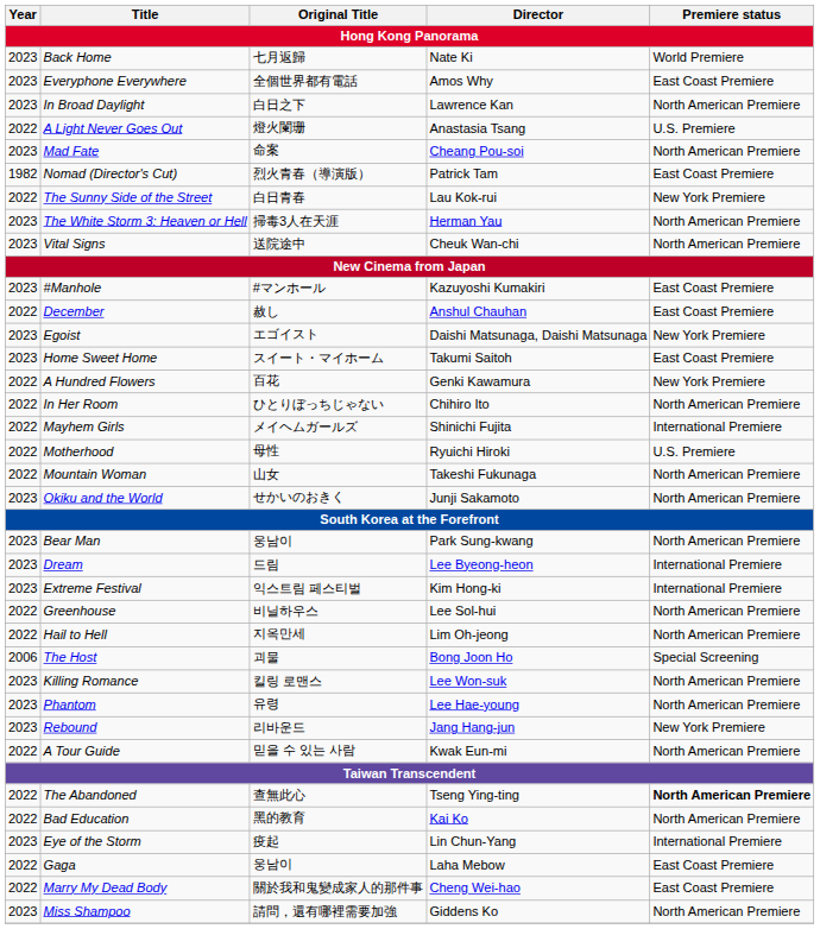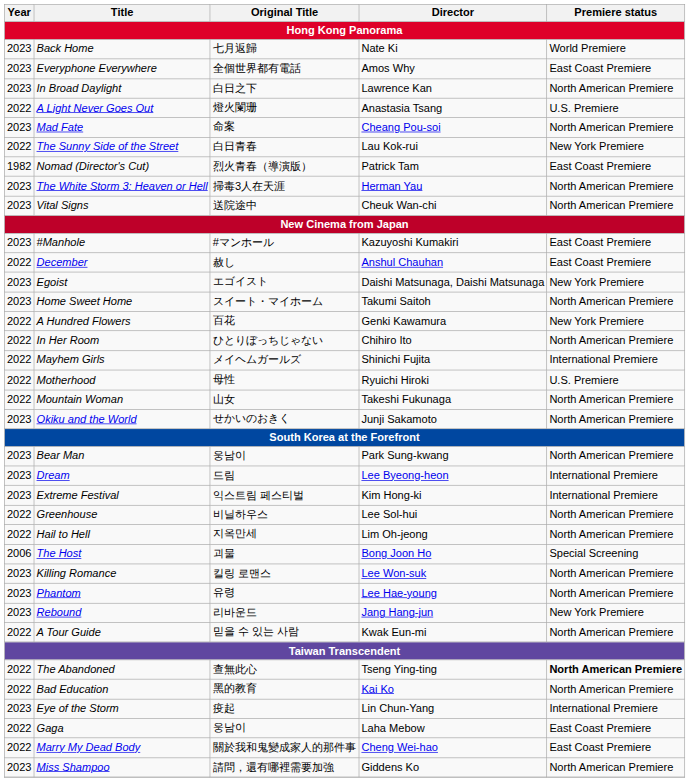 <table class="wikitable">
 <tr>
 <th>Year</th>
 <th>Title</th>
 <th>Original Title</th>
 <th>Director</th>
 <th>Premiere status</th>
 </tr>
 <tr>
 <th colspan="5" style="background:#de0029;color:white;"><strong>Hong Kong Panorama</strong></th>
 </tr>
 <tr>
 <td>2023</td>
 <td><em>Back Home</em></td>
 <td>七月返歸</td>
 <td>Nate Ki</td>
 <td>World Premiere</td>
 </tr>
 <tr>
 <td>2023</td>
 <td><em>Everyphone Everywhere</em></td>
 <td>全個世界都有電話</td>
 <td>Amos Why</td>
 <td>East Coast Premiere</td>
 </tr>
 <tr>
 <td>2023</td>
 <td><em>In Broad Daylight</em></td>
 <td>白日之下</td>
 <td>Lawrence Kan</td>
 <td>North American Premiere</td>
 </tr>
 <tr>
 <td>2022</td>
 <td><em><a href='#'>A Light Never Goes Out</a></em></td>
 <td>燈火闌珊</td>
 <td>Anastasia Tsang</td>
 <td>U.S. Premiere</td>
 </tr>
 <tr>
 <td>2023</td>
 <td><em><a href='#'>Mad Fate</a></em></td>
 <td>命案</td>
 <td><a href='#'>Cheang Pou-soi</a></td>
 <td>North American Premiere</td>
 </tr>
 <tr>
+<td>2022</td>
+<td><em><a href='#'>The Sunny Side of the Street</a></em></td>
+<td>白日青春</td>
+<td>Lau Kok-rui</td>
+<td>New York Premiere</td>
+</tr>
+<tr>
 <td>1982</td>
 <td><em>Nomad (Director's Cut)</em></td>
 <td>烈火青春（導演版）</td>
 <td>Patrick Tam</td>
 <td>East Coast Premiere</td>
-</tr>
-<tr>
-<td>2022</td>
-<td><em><a href='#'>The Sunny Side of the Street</a></em></td>
-<td>白日青春</td>
-<td>Lau Kok-rui</td>
-<td>New York Premiere</td>
 </tr>
 <tr>
 <td>2023</td>
 <td><em><a href='#'>The White Storm 3: Heaven or Hell</a></em></td>
 <td>掃毒3人在天涯</td>
 <td><a href='#'>Herman Yau</a></td>
 <td>North American Premiere</td>
 </tr>
 <tr>
 <td>2023</td>
 <td><em>Vital Signs</em></td>
 <td>送院途中</td>
 <td>Cheuk Wan-chi</td>
 <td>North American Premiere</td>
 </tr>
 <tr>
 <th colspan="5" style="background:#be0029;color:white;"><strong>New Cinema from Japan</strong></th>
 </tr>
 <tr>
 <td>2023</td>
 <td><em>#Manhole</em></td>
 <td>#マンホール</td>
 <td>Kazuyoshi Kumakiri</td>
 <td>East Coast Premiere</td>
 </tr>
 <tr>
 <td>2022</td>
 <td><em><a href='#'>December</a></em></td>
 <td>赦し</td>
 <td><a href='#'>Anshul Chauhan</a></td>
 <td>East Coast Premiere</td>
 </tr>
 <tr>
 <td>2023</td>
 <td><em>Egoist</em></td>
 <td>エゴイスト</td>
 <td>Daishi Matsunaga, Daishi Matsunaga</td>
 <td>New York Premiere</td>
 </tr>
 <tr>
 <td>2023</td>
 <td><em>Home Sweet Home</em></td>
 <td>スイート・マイホーム</td>
 <td>Takumi Saitoh</td>
-<td>East Coast Premiere</td>
+<td>North American Premiere</td>
 </tr>
 <tr>
 <td>2022</td>
 <td><em>A Hundred Flowers</em></td>
 <td>百花</td>
 <td>Genki Kawamura</td>
 <td>New York Premiere</td>
 </tr>
 <tr>
 <td>2022</td>
 <td><em>In Her Room</em></td>
 <td>ひとりぼっちじゃない</td>
 <td>Chihiro Ito</td>
 <td>North American Premiere</td>
 </tr>
 <tr>
 <td>2022</td>
 <td><em>Mayhem Girls</em></td>
 <td>メイヘムガールズ</td>
 <td>Shinichi Fujita</td>
 <td>International Premiere</td>
 </tr>
 <tr>
 <td>2022</td>
 <td><em>Motherhood</em></td>
 <td>母性</td>
 <td>Ryuichi Hiroki</td>
 <td>U.S. Premiere</td>
 </tr>
 <tr>
 <td>2022</td>
 <td><em>Mountain Woman</em></td>
 <td>山女</td>
 <td>Takeshi Fukunaga</td>
 <td>North American Premiere</td>
 </tr>
 <tr>
 <td>2023</td>
 <td><em><a href='#'>Okiku and the World</a></em></td>
 <td>せかいのおきく</td>
 <td>Junji Sakamoto</td>
 <td>North American Premiere</td>
 </tr>
 <tr>
 <th colspan="5" style="background:#0047A0;color:white;"><strong>South Korea at the Forefront</strong></th>
 </tr>
 <tr>
 <td>2023</td>
 <td><em>Bear Man</em></td>
 <td>웅남이</td>
 <td>Park Sung-kwang</td>
 <td>North American Premiere</td>
 </tr>
 <tr>
 <td>2023</td>
 <td><em><a href='#'>Dream</a></em></td>
 <td>드림</td>
 <td><a href='#'>Lee Byeong-heon</a></td>
 <td>International Premiere</td>
 </tr>
 <tr>
 <td>2023</td>
 <td><em>Extreme Festival</em></td>
 <td>익스트림 페스티벌</td>
 <td>Kim Hong-ki</td>
 <td>International Premiere</td>
 </tr>
 <tr>
 <td>2022</td>
 <td><em>Greenhouse</em></td>
 <td>비닐하우스</td>
 <td>Lee Sol-hui</td>
 <td>North American Premiere</td>
 </tr>
 <tr>
 <td>2022</td>
 <td><em>Hail to Hell</em></td>
 <td>지옥만세</td>
 <td>Lim Oh-jeong</td>
 <td>North American Premiere</td>
 </tr>
 <tr>
 <td>2006</td>
 <td><em><a href='#'>The Host</a></em></td>
 <td>괴물</td>
 <td><a href='#'>Bong Joon Ho</a></td>
 <td>Special Screening</td>
 </tr>
 <tr>
 <td>2023</td>
 <td><em>Killing Romance</em></td>
 <td>킬링 로맨스</td>
 <td><a href='#'>Lee Won-suk</a></td>
 <td>North American Premiere</td>
 </tr>
 <tr>
 <td>2023</td>
 <td><em><a href='#'>Phantom</a></em></td>
 <td>유령</td>
 <td><a href='#'>Lee Hae-young</a></td>
 <td>North American Premiere</td>
 </tr>
 <tr>
 <td>2023</td>
 <td><em><a href='#'>Rebound</a></em></td>
 <td>리바운드</td>
 <td><a href='#'>Jang Hang-jun</a></td>
 <td>New York Premiere</td>
 </tr>
 <tr>
 <td>2022</td>
 <td><em>A Tour Guide</em></td>
 <td>믿을 수 있는 사람</td>
 <td>Kwak Eun-mi</td>
 <td>North American Premiere</td>
 </tr>
 <tr>
 <th colspan="5" style="background:#6047A0;color:white;"><strong>Taiwan Transcendent</strong></th>
 </tr>
 <tr>
 <td>2022</td>
 <td><em>The Abandoned</em></td>
 <td>查無此心</td>
 <td>Tseng Ying-ting</td>
 <td><strong>North American Premiere</strong></td>
 </tr>
 <tr>
 <td>2022</td>
 <td><em>Bad Education</em></td>
 <td>黑的教育</td>
 <td><a href='#'>Kai Ko</a></td>
 <td>North American Premiere</td>
 </tr>
 <tr>
 <td>2023</td>
 <td><em>Eye of the Storm</em></td>
 <td>疫起</td>
 <td>Lin Chun-Yang</td>
 <td>International Premiere</td>
 </tr>
 <tr>
 <td>2022</td>
 <td><em>Gaga</em></td>
 <td>웅남이</td>
 <td>Laha Mebow</td>
 <td>East Coast Premiere</td>
 </tr>
 <tr>
 <td>2022</td>
 <td><em><a href='#'>Marry My Dead Body</a></em></td>
 <td>關於我和鬼變成家人的那件事</td>
 <td><a href='#'>Cheng Wei-hao</a></td>
 <td>East Coast Premiere</td>
 </tr>
 <tr>
 <td>2023</td>
 <td><em><a href='#'>Miss Shampoo</a></em></td>
 <td>請問，還有哪裡需要加強</td>
 <td>Giddens Ko</td>
 <td>North American Premiere</td>
 </tr>
 <tr>
 </tr>
 </table>
